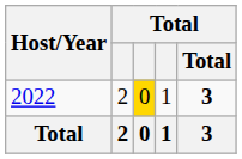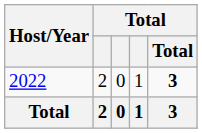 <table class="wikitable" style="font-size:90%; text-align:center;">
 <tr>
 <th rowspan=2>Host/Year</th>
 <th colspan=4;>Total</th>
 </tr>
 <tr>
 <th></th>
 <th></th>
 <th></th>
 <th><strong>Total</strong></th>
 </tr>
 <tr>
 <td align=left> <a href='#'>2022</a></td>
 <td>2</td>
-<td style="background: gold;">0</td>
+<td>0</td>
 <td>1</td>
 <td><strong>3</strong></td>
 </tr>
 <tr>
 <th>Total</th>
 <th>2</th>
 <th>0</th>
 <th>1</th>
 <th>3</th>
 </tr>
 </table>
